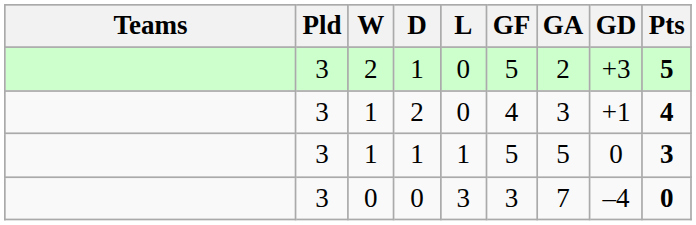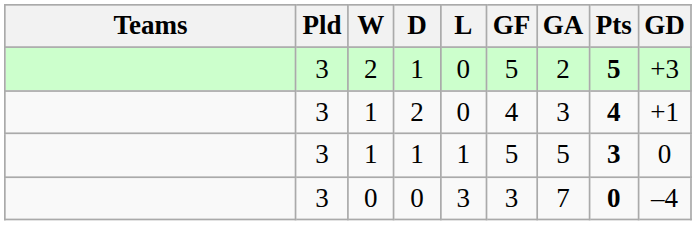 <table class="wikitable" style="text-align: center;">
 <tr>
 <th width=165>Teams</th>
 <th width=20>Pld</th>
 <th width=20>W</th>
 <th width=20>D</th>
 <th width=20>L</th>
 <th width=20>GF</th>
 <th width=20>GA</th>
+<th width=20>Pts</th>
 <th width=20>GD</th>
-<th width=20>Pts</th>
 </tr>
 <tr align=center style="background:#ccffcc;">
 <td style="text-align:left;"></td>
 <td>3</td>
 <td>2</td>
 <td>1</td>
 <td>0</td>
 <td>5</td>
 <td>2</td>
+<td><strong>5</strong></td>
 <td>+3</td>
-<td><strong>5</strong></td>
 </tr>
 <tr align=center>
 <td style="text-align:left;"></td>
 <td>3</td>
 <td>1</td>
 <td>2</td>
 <td>0</td>
 <td>4</td>
 <td>3</td>
+<td><strong>4</strong></td>
 <td>+1</td>
-<td><strong>4</strong></td>
 </tr>
 <tr align=center>
 <td style="text-align:left;"></td>
 <td>3</td>
 <td>1</td>
 <td>1</td>
 <td>1</td>
 <td>5</td>
 <td>5</td>
+<td><strong>3</strong></td>
 <td>0</td>
-<td><strong>3</strong></td>
 </tr>
 <tr align=center>
 <td style="text-align:left;"></td>
 <td>3</td>
 <td>0</td>
 <td>0</td>
 <td>3</td>
 <td>3</td>
 <td>7</td>
+<td><strong>0</strong></td>
 <td>–4</td>
-<td><strong>0</strong></td>
 </tr>
 </table>
